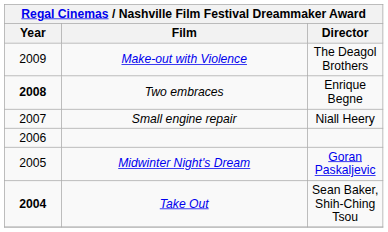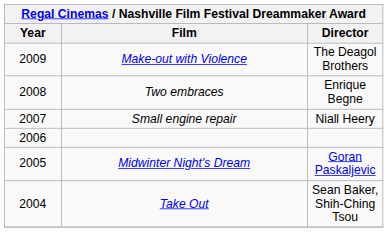 <table class="wikitable" width="80%">
 <tr>
 <th colspan="3" align="center"><a href='#'>Regal Cinemas</a> / Nashville Film Festival Dreammaker Award</th>
 </tr>
 <tr>
 <th width="15%">Year</th>
 <th width="65%">Film</th>
 <th width="20%">Director</th>
 </tr>
 <tr>
 <td align="center">2009</td>
 <td align="center"><em><a href='#'>Make-out with Violence</a></em></td>
 <td align="center">The Deagol Brothers</td>
 </tr>
 <tr>
-<td align="center"><strong>2008</strong></td>
+<td align="center">2008</td>
 <td align="center"><em>Two embraces</em></td>
 <td align="center">Enrique Begne</td>
 </tr>
 <tr>
 <td align="center">2007</td>
 <td align="center"><em>Small engine repair</em></td>
 <td align="center">Niall Heery</td>
 </tr>
 <tr>
 <td align="center">2006</td>
 <td align="center"><em></em></td>
 <td align="center"></td>
 </tr>
 <tr>
 <td align="center">2005</td>
 <td align="center"><em><a href='#'>Midwinter Night's Dream</a></em></td>
 <td align="center"><a href='#'>Goran Paskaljevic</a></td>
 </tr>
 <tr>
-<td align="center"><strong>2004</strong></td>
+<td align="center">2004</td>
 <td align="center"><a href='#'><em>Take Out</em></a></td>
 <td align="center">Sean Baker, Shih-Ching Tsou</td>
 </tr>
 <tr>
 </tr>
 </table>
